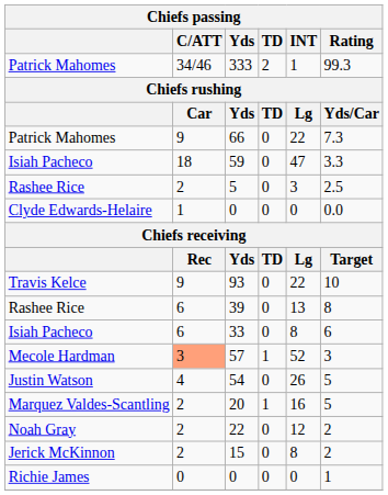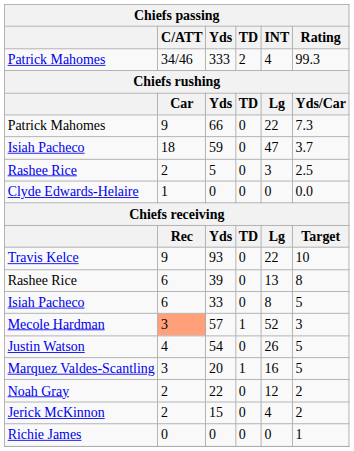 <table class="wikitable plainrowheaders">
 <tr>
 <th colspan="6">Chiefs passing</th>
 </tr>
 <tr>
 <th scope="col"></th>
 <th scope="col">C/ATT</th>
 <th scope="col">Yds</th>
 <th scope="col">TD</th>
 <th scope="col">INT</th>
 <th scope="col">Rating</th>
 </tr>
 <tr>
 <td><a href='#'>Patrick Mahomes</a></td>
 <td>34/46</td>
 <td>333</td>
 <td>2</td>
-<td>1</td>
+<td>4</td>
 <td>99.3</td>
 </tr>
 <tr>
 <th colspan="6">Chiefs rushing</th>
 </tr>
 <tr>
 <th scope="col"></th>
 <th scope="col">Car</th>
 <th scope="col">Yds</th>
 <th scope="col">TD</th>
 <th scope="col">Lg</th>
 <th scope="col">Yds/Car</th>
 </tr>
 <tr>
 <td>Patrick Mahomes</td>
 <td>9</td>
 <td>66</td>
 <td>0</td>
 <td>22</td>
 <td>7.3</td>
 </tr>
 <tr>
 <td><a href='#'>Isiah Pacheco</a></td>
 <td>18</td>
 <td>59</td>
 <td>0</td>
 <td>47</td>
-<td>3.3</td>
+<td>3.7</td>
 </tr>
 <tr>
 <td><a href='#'>Rashee Rice</a></td>
 <td>2</td>
 <td>5</td>
 <td>0</td>
 <td>3</td>
 <td>2.5</td>
 </tr>
 <tr>
 <td><a href='#'>Clyde Edwards-Helaire</a></td>
 <td>1</td>
 <td>0</td>
 <td>0</td>
 <td>0</td>
 <td>0.0</td>
 </tr>
 <tr>
 <th colspan="6">Chiefs receiving</th>
 </tr>
 <tr>
 <th scope="col"></th>
 <th scope="col">Rec</th>
 <th scope="col">Yds</th>
 <th scope="col">TD</th>
 <th scope="col">Lg</th>
 <th scope="col">Target</th>
 </tr>
 <tr>
 <td><a href='#'>Travis Kelce</a></td>
 <td>9</td>
 <td>93</td>
 <td>0</td>
 <td>22</td>
 <td>10</td>
 </tr>
 <tr>
 <td>Rashee Rice</td>
 <td>6</td>
 <td>39</td>
 <td>0</td>
 <td>13</td>
 <td>8</td>
 </tr>
 <tr>
 <td><a href='#'>Isiah Pacheco</a></td>
 <td>6</td>
 <td>33</td>
 <td>0</td>
 <td>8</td>
-<td>6</td>
+<td>5</td>
 </tr>
 <tr>
 <td><a href='#'>Mecole Hardman</a></td>
 <td style="background: lightsalmon;">3</td>
 <td>57</td>
 <td>1</td>
 <td>52</td>
 <td>3</td>
 </tr>
 <tr>
 <td><a href='#'>Justin Watson</a></td>
 <td>4</td>
 <td>54</td>
 <td>0</td>
 <td>26</td>
 <td>5</td>
 </tr>
 <tr>
 <td><a href='#'>Marquez Valdes-Scantling</a></td>
-<td>2</td>
+<td>3</td>
 <td>20</td>
 <td>1</td>
 <td>16</td>
 <td>5</td>
 </tr>
 <tr>
 <td><a href='#'>Noah Gray</a></td>
 <td>2</td>
 <td>22</td>
 <td>0</td>
 <td>12</td>
 <td>2</td>
 </tr>
 <tr>
 <td><a href='#'>Jerick McKinnon</a></td>
 <td>2</td>
 <td>15</td>
 <td>0</td>
-<td>8</td>
+<td>4</td>
 <td>2</td>
 </tr>
 <tr>
 <td><a href='#'>Richie James</a></td>
 <td>0</td>
 <td>0</td>
 <td>0</td>
 <td>0</td>
 <td>1</td>
 </tr>
 <tr>
 </tr>
 </table>
